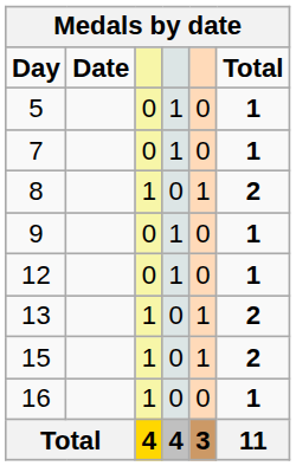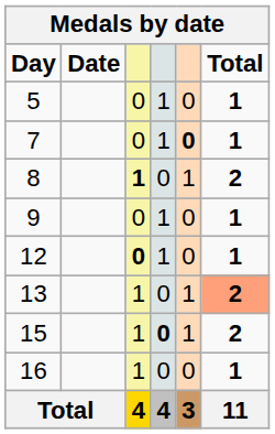 <table class="wikitable" style="font-size:85%; float:left;text-align:center">
 <tr bgcolor="#efefef">
 <th colspan=7>Medals by date</th>
 </tr>
 <tr align=center>
 <td><strong>Day</strong></td>
 <td><strong>Date</strong></td>
 <td bgcolor=#f7f6a8></td>
 <td bgcolor=#dce5e5></td>
 <td bgcolor=#ffdab9></td>
 <td><strong>Total</strong></td>
 </tr>
 <tr align=center>
 <td>5</td>
 <td></td>
 <td style="background:#F7F6A8;">0</td>
 <td style="background:#DCE5E5;">1</td>
 <td style="background:#FFDAB9;">0</td>
 <td><strong>1</strong></td>
 </tr>
 <tr align=center>
 <td>7</td>
 <td></td>
 <td style="background:#F7F6A8;">0</td>
 <td style="background:#DCE5E5;">1</td>
-<td style="background:#FFDAB9;">0</td>
+<td style="background:#FFDAB9;"><strong>0</strong></td>
 <td><strong>1</strong></td>
 </tr>
 <tr align=center>
 <td>8</td>
 <td></td>
-<td style="background:#F7F6A8;">1</td>
+<td style="background:#F7F6A8;"><strong>1</strong></td>
 <td style="background:#DCE5E5;">0</td>
 <td style="background:#FFDAB9;">1</td>
 <td><strong>2</strong></td>
 </tr>
 <tr align=center>
 <td>9</td>
 <td></td>
 <td style="background:#F7F6A8;">0</td>
 <td style="background:#DCE5E5;">1</td>
 <td style="background:#FFDAB9;">0</td>
 <td><strong>1</strong></td>
 </tr>
 <tr align=center>
 <td>12</td>
 <td></td>
-<td style="background:#F7F6A8;">0</td>
+<td style="background:#F7F6A8;"><strong>0</strong></td>
 <td style="background:#DCE5E5;">1</td>
 <td style="background:#FFDAB9;">0</td>
 <td><strong>1</strong></td>
 </tr>
 <tr align=center>
 <td>13</td>
 <td></td>
 <td style="background:#F7F6A8;">1</td>
 <td style="background:#DCE5E5;">0</td>
 <td style="background:#FFDAB9;">1</td>
-<td><strong>2</strong></td>
+<td style="background: lightsalmon;"><strong>2</strong></td>
 </tr>
 <tr align=center>
 <td>15</td>
 <td></td>
 <td style="background:#F7F6A8;">1</td>
-<td style="background:#DCE5E5;">0</td>
+<td style="background:#DCE5E5;"><strong>0</strong></td>
 <td style="background:#FFDAB9;">1</td>
 <td><strong>2</strong></td>
 </tr>
 <tr align=center>
 <td>16</td>
 <td></td>
 <td style="background:#F7F6A8;">1</td>
 <td style="background:#DCE5E5;">0</td>
 <td style="background:#FFDAB9;">0</td>
 <td><strong>1</strong></td>
 </tr>
 <tr align=center>
 <th colspan=2><strong>Total</strong></th>
 <th style="background:gold;"><strong>4</strong></th>
 <th style="background:silver;"><strong>4</strong></th>
 <th style="background:#c96;"><strong>3</strong></th>
 <th>11</th>
 </tr>
 </table>
